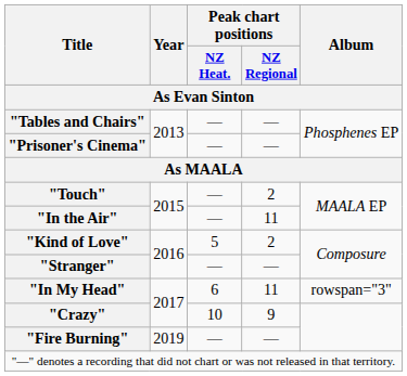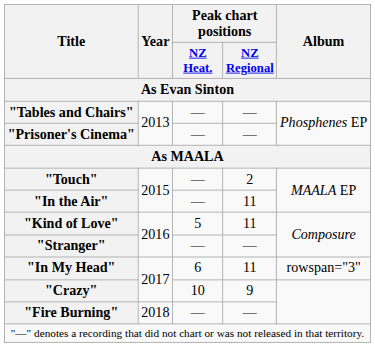 <table class="wikitable plainrowheaders" style="text-align:center;">
 <tr>
 <th scope="col" rowspan="2">Title</th>
 <th scope="col" rowspan="2">Year</th>
 <th scope="col" colspan="2">Peak chart positions</th>
 <th scope="col" rowspan="2">Album</th>
 </tr>
 <tr>
 <th scope="col" style="width:3.5em;font-size:90%;"><a href='#'>NZ<br>Heat.</a><br></th>
 <th scope="col" style="width:3em;font-size:90%;"><a href='#'>NZ<br>Regional</a><br></th>
 </tr>
 <tr>
 <th colspan="5">As Evan Sinton</th>
 </tr>
 <tr>
 <th scope="row">"Tables and Chairs"</th>
 <td rowspan="2">2013</td>
 <td>—</td>
 <td>—</td>
 <td rowspan="2"><em>Phosphenes</em> EP</td>
 </tr>
 <tr>
 <th scope="row">"Prisoner's Cinema"</th>
 <td>—</td>
 <td>—</td>
 </tr>
 <tr>
 <th colspan="5">As MAALA</th>
 </tr>
 <tr>
 <th scope="row">"Touch"</th>
 <td rowspan="2">2015</td>
 <td>—</td>
 <td>2</td>
 <td rowspan="2"><em>MAALA</em> EP</td>
 </tr>
 <tr>
 <th scope="row">"In the Air"</th>
 <td>—</td>
 <td>11</td>
 </tr>
 <tr>
 <th scope="row">"Kind of Love"</th>
 <td rowspan="2">2016</td>
 <td>5</td>
-<td>2</td>
+<td>11</td>
 <td rowspan="2"><em>Composure</em></td>
 </tr>
 <tr>
 <th scope="row">"Stranger"</th>
 <td>—</td>
 <td>—</td>
 </tr>
 <tr>
 <th scope="row">"In My Head"</th>
 <td rowspan="2">2017</td>
 <td>6</td>
 <td>11</td>
 <td>rowspan="3" </td>
 </tr>
 <tr>
 <th scope="row">"Crazy"</th>
 <td>10</td>
 <td>9</td>
 </tr>
 <tr>
 <th scope="row">"Fire Burning"</th>
-<td>2019</td>
+<td>2018</td>
 <td>—</td>
 <td>—</td>
 </tr>
 <tr>
 <td colspan="5" style="font-size:80%" align="center">"—" denotes a recording that did not chart or was not released in that territory.</td>
 </tr>
 </table>
